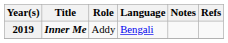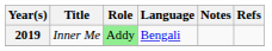 <table class="wikitable plainrowheaders sortable">
 <tr>
 <th scope="col">Year(s)</th>
 <th scope="col">Title</th>
 <th scope="col">Role</th>
 <th scope="col">Language</th>
 <th scope="col" class="unsortable">Notes</th>
 <th scope="col" class="unsortable">Refs</th>
 </tr>
 <tr>
 <th scope="row">2019</th>
-<td><strong><em>Inner Me</em></strong></td>
-<td>Addy</td>
+<td><em>Inner Me</em></td>
+<td style="background: lightgreen;">Addy</td>
 <td><a href='#'>Bengali</a></td>
 <td></td>
 <td></td>
 </tr>
 <tr>
 </tr>
 </table>
